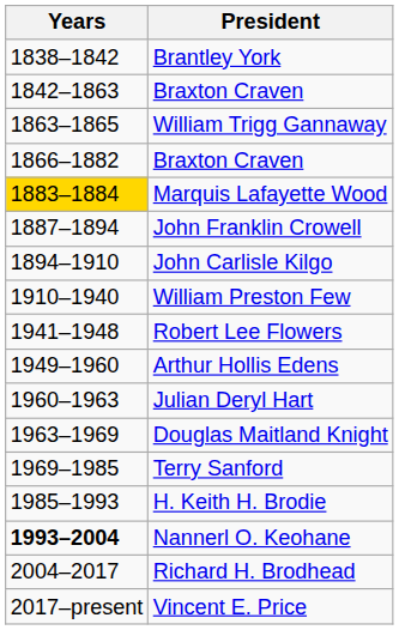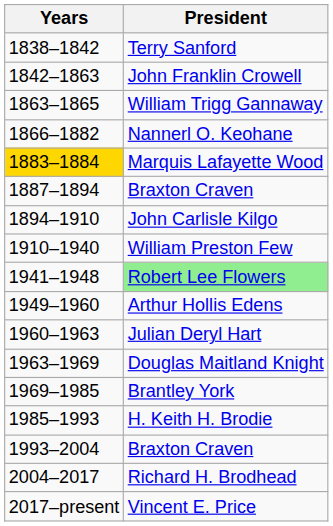 <table class="wikitable" style="float: left; margin: 0 1em">
 <tr>
 <th scope="col">Years</th>
 <th scope="col">President</th>
 </tr>
 <tr>
 <td>1838–1842</td>
-<td><a href='#'>Brantley York</a></td>
+<td><a href='#'>Terry Sanford</a></td>
 </tr>
 <tr>
 <td>1842–1863</td>
-<td><a href='#'>Braxton Craven</a></td>
+<td><a href='#'>John Franklin Crowell</a></td>
 </tr>
 <tr>
 <td>1863–1865</td>
 <td><a href='#'>William Trigg Gannaway</a></td>
 </tr>
 <tr>
 <td>1866–1882</td>
-<td><a href='#'>Braxton Craven</a></td>
+<td><a href='#'>Nannerl O. Keohane</a></td>
 </tr>
 <tr>
 <td style="background: gold;">1883–1884</td>
 <td><a href='#'>Marquis Lafayette Wood</a></td>
 </tr>
 <tr>
 <td>1887–1894</td>
-<td><a href='#'>John Franklin Crowell</a></td>
+<td><a href='#'>Braxton Craven</a></td>
 </tr>
 <tr>
 <td>1894–1910</td>
 <td><a href='#'>John Carlisle Kilgo</a></td>
 </tr>
 <tr>
 <td>1910–1940</td>
 <td><a href='#'>William Preston Few</a></td>
 </tr>
 <tr>
 <td>1941–1948</td>
-<td><a href='#'>Robert Lee Flowers</a></td>
+<td style="background: lightgreen;"><a href='#'>Robert Lee Flowers</a></td>
 </tr>
 <tr>
 <td>1949–1960</td>
 <td><a href='#'>Arthur Hollis Edens</a></td>
 </tr>
 <tr>
 <td>1960–1963</td>
 <td><a href='#'>Julian Deryl Hart</a></td>
 </tr>
 <tr>
 <td>1963–1969</td>
 <td><a href='#'>Douglas Maitland Knight</a></td>
 </tr>
 <tr>
 <td>1969–1985</td>
-<td><a href='#'>Terry Sanford</a></td>
+<td><a href='#'>Brantley York</a></td>
 </tr>
 <tr>
 <td>1985–1993</td>
 <td><a href='#'>H. Keith H. Brodie</a></td>
 </tr>
 <tr>
-<td><strong>1993–2004</strong></td>
-<td><a href='#'>Nannerl O. Keohane</a></td>
+<td>1993–2004</td>
+<td><a href='#'>Braxton Craven</a></td>
 </tr>
 <tr>
 <td>2004–2017</td>
 <td><a href='#'>Richard H. Brodhead</a></td>
 </tr>
 <tr>
 <td>2017–present</td>
 <td><a href='#'>Vincent E. Price</a></td>
 </tr>
 </table>
